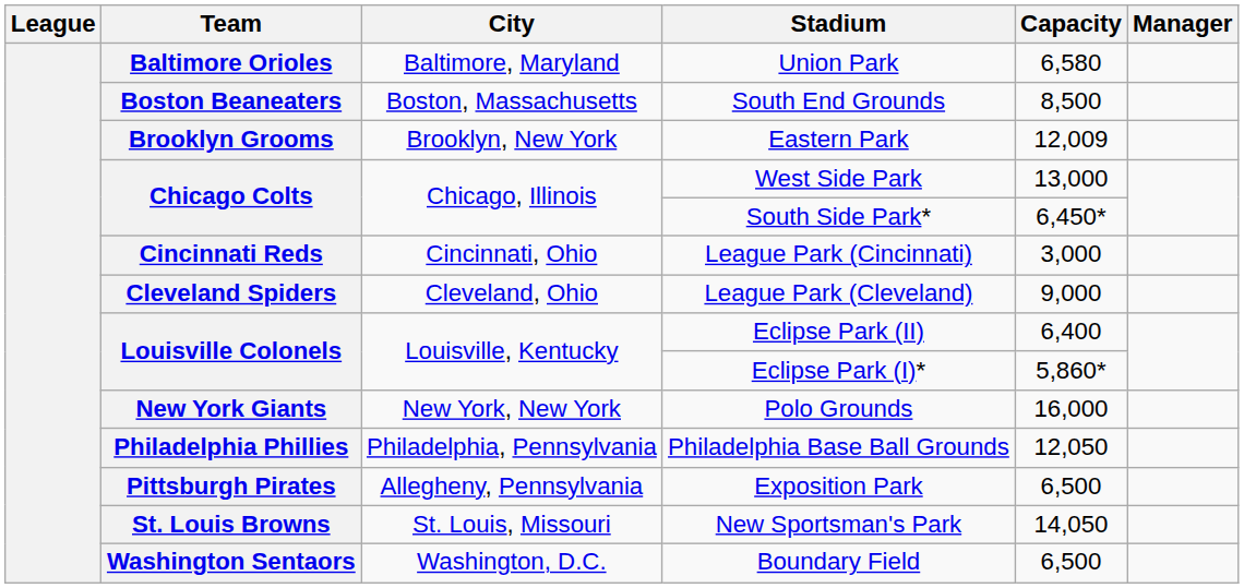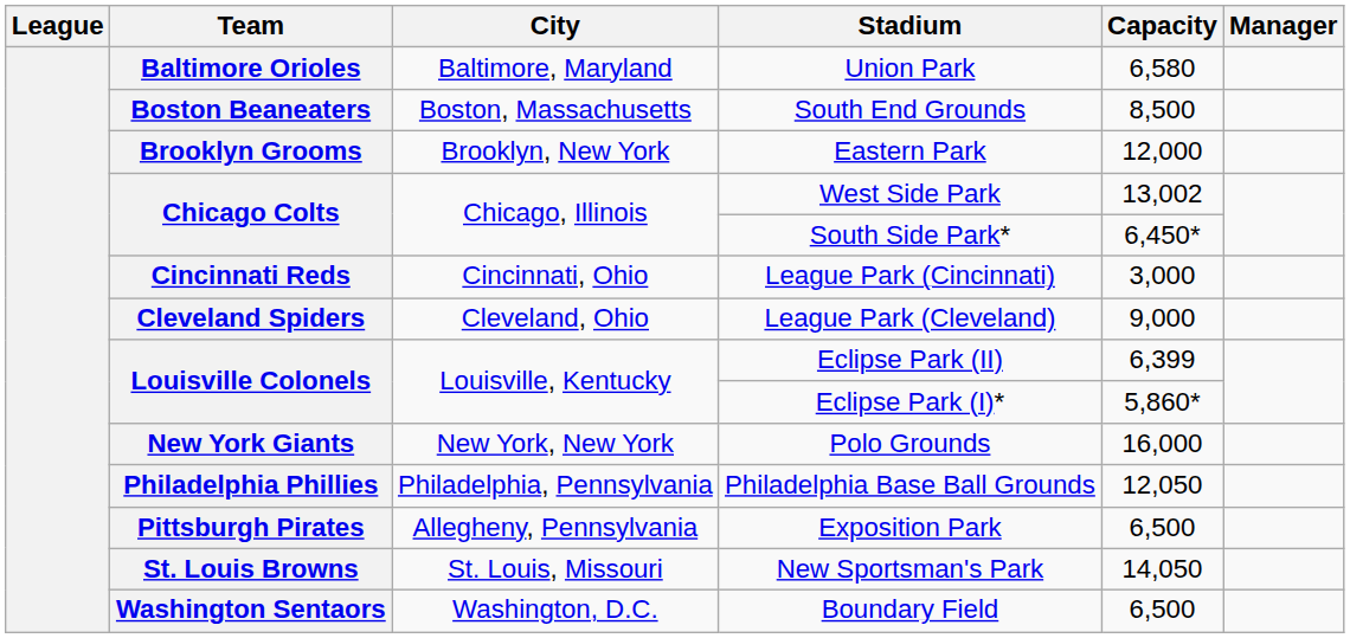 <table class="wikitable sortable plainrowheaders" style="text-align:center;">
 <tr>
 <th scope="col">League</th>
 <th scope="col">Team</th>
 <th scope="col">City</th>
 <th scope="col">Stadium</th>
 <th scope="col">Capacity</th>
 <th scope="col">Manager</th>
 </tr>
 <tr>
 <th rowspan="14"></th>
 <th scope="row"><a href='#'>Baltimore Orioles</a></th>
 <td><a href='#'>Baltimore</a>, <a href='#'>Maryland</a></td>
 <td><a href='#'>Union Park</a></td>
 <td>6,580</td>
 <td></td>
 </tr>
 <tr>
 <th scope="row"><a href='#'>Boston Beaneaters</a></th>
 <td><a href='#'>Boston</a>, <a href='#'>Massachusetts</a></td>
 <td><a href='#'>South End Grounds</a></td>
 <td>8,500</td>
 <td></td>
 </tr>
 <tr>
 <th scope="row"><a href='#'>Brooklyn Grooms</a></th>
 <td><a href='#'>Brooklyn</a>, <a href='#'>New York</a></td>
 <td><a href='#'>Eastern Park</a></td>
-<td>12,009</td>
+<td>12,000</td>
 <td></td>
 </tr>
 <tr>
 <th rowspan="2" scope="row"><a href='#'>Chicago Colts</a></th>
 <td rowspan="2"><a href='#'>Chicago</a>, <a href='#'>Illinois</a></td>
 <td><a href='#'>West Side Park</a></td>
-<td>13,000</td>
+<td>13,002</td>
 <td rowspan="2"></td>
 </tr>
 <tr>
 <td><a href='#'>South Side Park</a>*</td>
 <td>6,450*</td>
 </tr>
 <tr>
 <th scope="row"><a href='#'>Cincinnati Reds</a></th>
 <td><a href='#'>Cincinnati</a>, <a href='#'>Ohio</a></td>
 <td><a href='#'>League Park (Cincinnati)</a></td>
 <td>3,000</td>
 <td></td>
 </tr>
 <tr>
 <th scope="row"><a href='#'>Cleveland Spiders</a></th>
 <td><a href='#'>Cleveland</a>, <a href='#'>Ohio</a></td>
 <td><a href='#'>League Park (Cleveland)</a></td>
 <td>9,000</td>
 <td></td>
 </tr>
 <tr>
 <th rowspan="2" scope="row"><a href='#'>Louisville Colonels</a></th>
 <td rowspan="2"><a href='#'>Louisville</a>, <a href='#'>Kentucky</a></td>
 <td><a href='#'>Eclipse Park (II)</a></td>
-<td>6,400</td>
+<td>6,399</td>
 <td rowspan="2"></td>
 </tr>
 <tr>
 <td><a href='#'>Eclipse Park (I)</a>*</td>
 <td>5,860*</td>
 </tr>
 <tr>
 <th scope="row"><a href='#'>New York Giants</a></th>
 <td><a href='#'>New York</a>, <a href='#'>New York</a></td>
 <td><a href='#'>Polo Grounds</a></td>
 <td>16,000</td>
 <td></td>
 </tr>
 <tr>
 <th scope="row"><a href='#'>Philadelphia Phillies</a></th>
 <td><a href='#'>Philadelphia</a>, <a href='#'>Pennsylvania</a></td>
 <td><a href='#'>Philadelphia Base Ball Grounds</a></td>
 <td>12,050</td>
 <td></td>
 </tr>
 <tr>
 <th scope="row"><a href='#'>Pittsburgh Pirates</a></th>
 <td><a href='#'>Allegheny</a>, <a href='#'>Pennsylvania</a></td>
 <td><a href='#'>Exposition Park</a></td>
 <td>6,500</td>
 <td></td>
 </tr>
 <tr>
 <th scope="row"><a href='#'>St. Louis Browns</a></th>
 <td><a href='#'>St. Louis</a>, <a href='#'>Missouri</a></td>
 <td><a href='#'>New Sportsman's Park</a></td>
 <td>14,050</td>
 <td></td>
 </tr>
 <tr>
 <th scope="row"><a href='#'>Washington Sentaors</a></th>
 <td><a href='#'>Washington, D.C.</a></td>
 <td><a href='#'>Boundary Field</a></td>
 <td>6,500</td>
 <td></td>
 </tr>
 </table>
